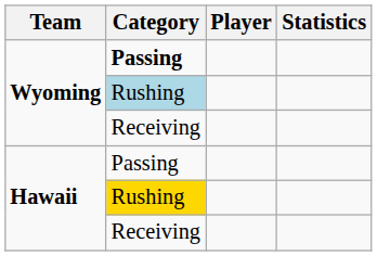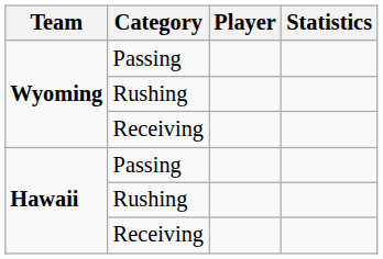 <table class="wikitable" style="float: right;">
 <tr>
 <th>Team</th>
 <th>Category</th>
 <th>Player</th>
 <th>Statistics</th>
 </tr>
 <tr>
 <td rowspan=3><strong>Wyoming</strong></td>
-<td><strong>Passing</strong></td>
+<td>Passing</td>
 <td></td>
 <td></td>
 </tr>
 <tr>
-<td style="background: lightblue;">Rushing</td>
+<td>Rushing</td>
 <td></td>
 <td></td>
 </tr>
 <tr>
 <td>Receiving</td>
 <td></td>
 <td></td>
 </tr>
 <tr>
 <td rowspan=3><strong>Hawaii</strong></td>
 <td>Passing</td>
 <td></td>
 <td></td>
 </tr>
 <tr>
-<td style="background: gold;">Rushing</td>
+<td>Rushing</td>
 <td></td>
 <td></td>
 </tr>
 <tr>
 <td>Receiving</td>
 <td></td>
 <td></td>
 </tr>
 </table>
